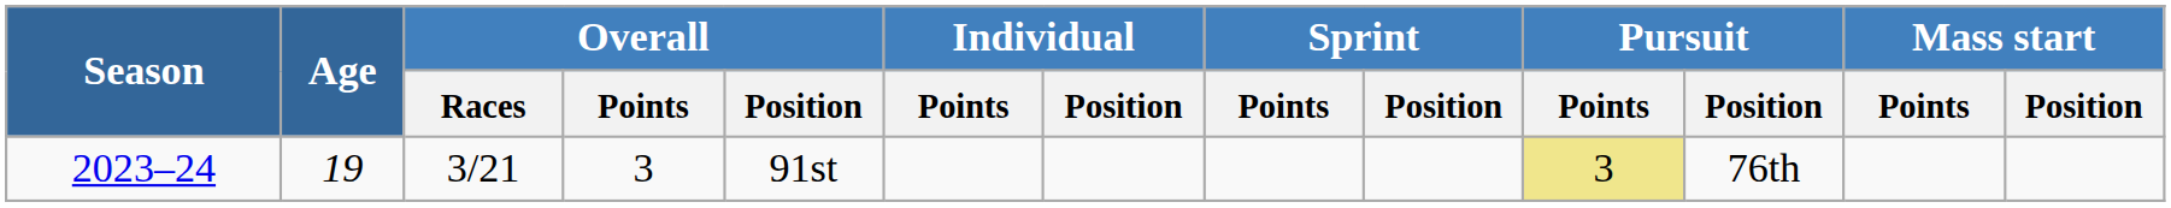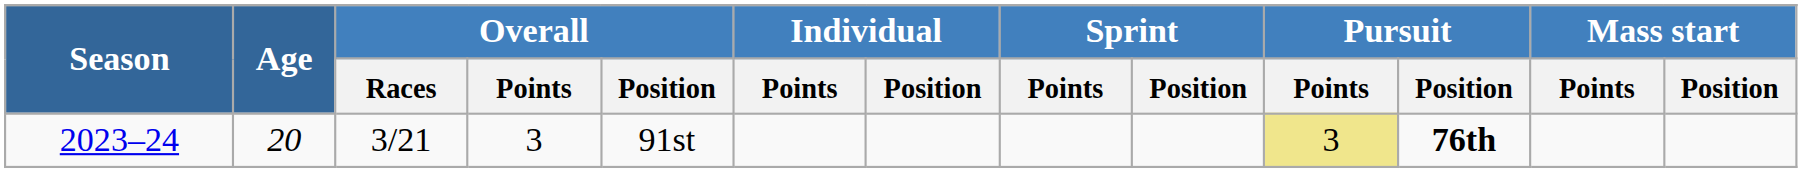 <table class="wikitable" style="text-align:center; "style="font-size:95%;  width="75%">
 <tr class="hintergrundfarbe5">
 </tr>
 <tr style="background:#efefef;">
 <th rowspan="2" style="background-color:#369; color:white; width:100px">Season</th>
 <th rowspan="2" style="background-color:#369; color:white; width:40px">Age</th>
 <th colspan="3" style="background-color:#4180be; color:white; width:110px;">Overall</th>
 <th colspan="2" style="background-color:#4180be; color:white; width:110px;">Individual</th>
 <th colspan="2" style="background-color:#4180be; color:white; width:110px;">Sprint</th>
 <th colspan="2" style="background-color:#4180be; color:white; width:110px;">Pursuit</th>
 <th colspan="2" style="background-color:#4180be; color:white; width:110px;">Mass start</th>
 </tr>
 <tr class="hintergrundfarbe5">
 <th style="width:55px;"><small>Races</small></th>
 <th style="width:55px;"><small>Points</small></th>
 <th style="width:55px;"><small>Position</small></th>
 <th style="width:55px;"><small>Points</small></th>
 <th style="width:55px;"><small>Position</small></th>
 <th style="width:55px;"><small>Points</small></th>
 <th style="width:55px;"><small>Position</small></th>
 <th style="width:55px;"><small>Points</small></th>
 <th style="width:55px;"><small>Position</small></th>
 <th style="width:55px;"><small>Points</small></th>
 <th style="width:55px;"><small>Position</small></th>
 </tr>
 <tr>
 <td><a href='#'>2023–24</a></td>
-<td><em>19</em></td>
+<td><em>20</em></td>
 <td>3/21</td>
 <td>3</td>
 <td>91st</td>
 <td></td>
 <td></td>
 <td></td>
 <td></td>
 <td style="background: khaki;">3</td>
-<td>76th</td>
+<td><strong>76th</strong></td>
 <td></td>
 <td></td>
 </tr>
 </table>
